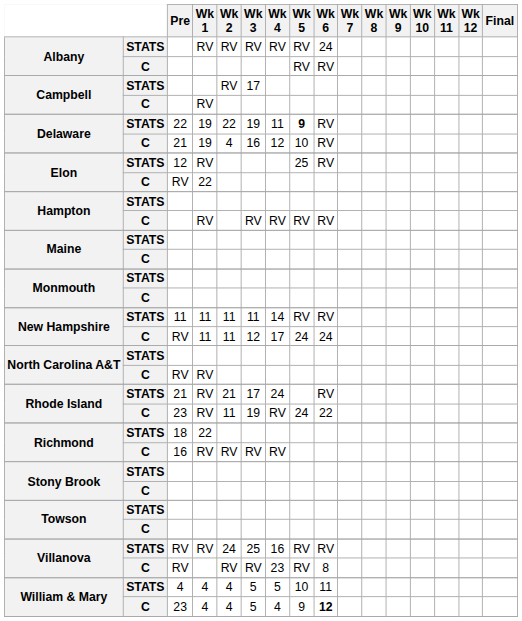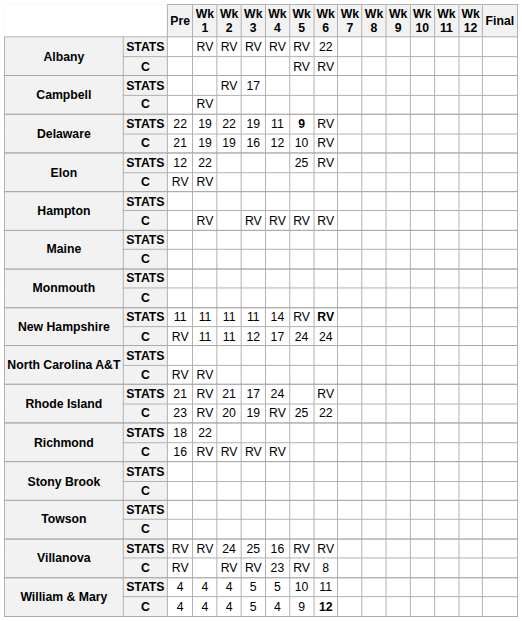 <table class="wikitable" style="white-space:nowrap;font-size:85%;">
 <tr>
 <th colspan=2 style="background:white; border-top-style:hidden; border-left-style:hidden;"> </th>
 <th>Pre</th>
 <th>Wk<br>1</th>
 <th>Wk<br>2</th>
 <th>Wk<br>3</th>
 <th>Wk<br>4</th>
 <th>Wk<br>5</th>
 <th>Wk<br>6</th>
 <th>Wk<br>7</th>
 <th>Wk<br>8</th>
 <th>Wk<br>9</th>
 <th>Wk<br>10</th>
 <th>Wk<br>11</th>
 <th>Wk<br>12</th>
 <th>Final</th>
 </tr>
 <tr style="text-align:center;">
 <th rowspan="2">Albany</th>
 <th>STATS</th>
 <td style="background:#FFF;"></td>
 <td style="background:#FFF;">RV</td>
 <td style="background:#FFF;">RV</td>
 <td style="background:#FFF;">RV</td>
 <td style="background:#FFF;">RV</td>
 <td style="background:#FFF;">RV</td>
-<td style="background:#FFF;">24</td>
+<td style="background:#FFF;">22</td>
 <td style="background:#FFF;"></td>
 <td style="background:#FFF;"></td>
 <td style="background:#FFF;"></td>
 <td style="background:#FFF;"></td>
 <td style="background:#FFF;"></td>
 <td style="background:#FFF;"></td>
 <td style="background:#FFF;"></td>
 </tr>
 <tr style="text-align:center;">
 <th>C</th>
 <td style="background:#FFF;"></td>
 <td style="background:#FFF;"></td>
 <td style="background:#FFF;"></td>
 <td style="background:#FFF;"></td>
 <td style="background:#FFF;"></td>
 <td style="background:#FFF;">RV</td>
 <td style="background:#FFF;">RV</td>
 <td style="background:#FFF;"></td>
 <td style="background:#FFF;"></td>
 <td style="background:#FFF;"></td>
 <td style="background:#FFF;"></td>
 <td style="background:#FFF;"></td>
 <td style="background:#FFF;"></td>
 <td style="background:#FFF;"></td>
 </tr>
 <tr style="text-align:center;">
 </tr>
 <tr style="text-align:center;">
 </tr>
 <tr style="text-align:center;">
 <th rowspan="2">Campbell</th>
 <th>STATS</th>
 <td style="background:#FFF;"></td>
 <td style="background:#FFF;"></td>
 <td style="background:#FFF;">RV</td>
 <td style="background:#FFF;">17</td>
 <td style="background:#FFF;"></td>
 <td style="background:#FFF;"></td>
 <td style="background:#FFF;"></td>
 <td style="background:#FFF;"></td>
 <td style="background:#FFF;"></td>
 <td style="background:#FFF;"></td>
 <td style="background:#FFF;"></td>
 <td style="background:#FFF;"></td>
 <td style="background:#FFF;"></td>
 <td style="background:#FFF;"></td>
 </tr>
 <tr style="text-align:center;">
 <th>C</th>
 <td style="background:#FFF;"></td>
 <td style="background:#FFF;">RV</td>
 <td style="background:#FFF;"></td>
 <td style="background:#FFF;"></td>
 <td style="background:#FFF;"></td>
 <td style="background:#FFF;"></td>
 <td style="background:#FFF;"></td>
 <td style="background:#FFF;"></td>
 <td style="background:#FFF;"></td>
 <td style="background:#FFF;"></td>
 <td style="background:#FFF;"></td>
 <td style="background:#FFF;"></td>
 <td style="background:#FFF;"></td>
 <td style="background:#FFF;"></td>
 </tr>
 <tr style="text-align:center;">
 </tr>
 <tr style="text-align:center;">
 <th rowspan="2">Delaware</th>
 <th>STATS</th>
 <td style="background:#FFF;">22</td>
 <td style="background:#FFF;">19</td>
 <td style="background:#FFF;">22</td>
 <td style="background:#FFF;">19</td>
 <td style="background:#FFF;">11</td>
 <td style="background:#FFF;"><strong>9</strong></td>
 <td style="background:#FFF;">RV</td>
 <td style="background:#FFF;"></td>
 <td style="background:#FFF;"></td>
 <td style="background:#FFF;"></td>
 <td style="background:#FFF;"></td>
 <td style="background:#FFF;"></td>
 <td style="background:#FFF;"></td>
 <td style="background:#FFF;"></td>
 </tr>
 <tr style="text-align:center;">
 <th>C</th>
 <td style="background:#FFF;">21</td>
 <td style="background:#FFF;">19</td>
-<td style="background:#FFF;">4</td>
+<td style="background:#FFF;">19</td>
 <td style="background:#FFF;">16</td>
 <td style="background:#FFF;">12</td>
 <td style="background:#FFF;">10</td>
 <td style="background:#FFF;">RV</td>
 <td style="background:#FFF;"></td>
 <td style="background:#FFF;"></td>
 <td style="background:#FFF;"></td>
 <td style="background:#FFF;"></td>
 <td style="background:#FFF;"></td>
 <td style="background:#FFF;"></td>
 <td style="background:#FFF;"></td>
 </tr>
 <tr style="text-align:center;">
 </tr>
 <tr style="text-align:center;">
 <th rowspan="2">Elon</th>
 <th>STATS</th>
 <td style="background:#FFF;">12</td>
-<td style="background:#FFF;">RV</td>
+<td style="background:#FFF;">22</td>
 <td style="background:#FFF;"></td>
 <td style="background:#FFF;"></td>
 <td style="background:#FFF;"></td>
 <td style="background:#FFF;">25</td>
 <td style="background:#FFF;">RV</td>
 <td style="background:#FFF;"></td>
 <td style="background:#FFF;"></td>
 <td style="background:#FFF;"></td>
 <td style="background:#FFF;"></td>
 <td style="background:#FFF;"></td>
 <td style="background:#FFF;"></td>
 <td style="background:#FFF;"></td>
 </tr>
 <tr style="text-align:center;">
 <th>C</th>
 <td style="background:#FFF;">RV</td>
-<td style="background:#FFF;">22</td>
+<td style="background:#FFF;">RV</td>
 <td style="background:#FFF;"></td>
 <td style="background:#FFF;"></td>
 <td style="background:#FFF;"></td>
 <td style="background:#FFF;"></td>
 <td style="background:#FFF;"></td>
 <td style="background:#FFF;"></td>
 <td style="background:#FFF;"></td>
 <td style="background:#FFF;"></td>
 <td style="background:#FFF;"></td>
 <td style="background:#FFF;"></td>
 <td style="background:#FFF;"></td>
 <td style="background:#FFF;"></td>
 </tr>
 <tr style="text-align:center;">
 </tr>
 <tr style="text-align:center;">
 <th rowspan="2">Hampton</th>
 <th>STATS</th>
 <td style="background:#FFF;"></td>
 <td style="background:#FFF;"></td>
 <td style="background:#FFF;"></td>
 <td style="background:#FFF;"></td>
 <td style="background:#FFF;"></td>
 <td style="background:#FFF;"></td>
 <td style="background:#FFF;"></td>
 <td style="background:#FFF;"></td>
 <td style="background:#FFF;"></td>
 <td style="background:#FFF;"></td>
 <td style="background:#FFF;"></td>
 <td style="background:#FFF;"></td>
 <td style="background:#FFF;"></td>
 <td style="background:#FFF;"></td>
 </tr>
 <tr style="text-align:center;">
 <th>C</th>
 <td style="background:#FFF;"></td>
 <td style="background:#FFF;">RV</td>
 <td style="background:#FFF;"></td>
 <td style="background:#FFF;">RV</td>
 <td style="background:#FFF;">RV</td>
 <td style="background:#FFF;">RV</td>
 <td style="background:#FFF;">RV</td>
 <td style="background:#FFF;"></td>
 <td style="background:#FFF;"></td>
 <td style="background:#FFF;"></td>
 <td style="background:#FFF;"></td>
 <td style="background:#FFF;"></td>
 <td style="background:#FFF;"></td>
 <td style="background:#FFF;"></td>
 </tr>
 <tr style="text-align:center;">
 </tr>
 <tr style="text-align:center;">
 <th rowspan="2">Maine</th>
 <th>STATS</th>
 <td style="background:#FFF;"></td>
 <td style="background:#FFF;"></td>
 <td style="background:#FFF;"></td>
 <td style="background:#FFF;"></td>
 <td style="background:#FFF;"></td>
 <td style="background:#FFF;"></td>
 <td style="background:#FFF;"></td>
 <td style="background:#FFF;"></td>
 <td style="background:#FFF;"></td>
 <td style="background:#FFF;"></td>
 <td style="background:#FFF;"></td>
 <td style="background:#FFF;"></td>
 <td style="background:#FFF;"></td>
 <td style="background:#FFF;"></td>
 </tr>
 <tr style="text-align:center;">
 <th>C</th>
 <td style="background:#FFF;"></td>
 <td style="background:#FFF;"></td>
 <td style="background:#FFF;"></td>
 <td style="background:#FFF;"></td>
 <td style="background:#FFF;"></td>
 <td style="background:#FFF;"></td>
 <td style="background:#FFF;"></td>
 <td style="background:#FFF;"></td>
 <td style="background:#FFF;"></td>
 <td style="background:#FFF;"></td>
 <td style="background:#FFF;"></td>
 <td style="background:#FFF;"></td>
 <td style="background:#FFF;"></td>
 <td style="background:#FFF;"></td>
 </tr>
 <tr style="text-align:center;">
 </tr>
 <tr style="text-align:center;">
 <th rowspan="2">Monmouth</th>
 <th>STATS</th>
 <td style="background:#FFF;"></td>
 <td style="background:#FFF;"></td>
 <td style="background:#FFF;"></td>
 <td style="background:#FFF;"></td>
 <td style="background:#FFF;"></td>
 <td style="background:#FFF;"></td>
 <td style="background:#FFF;"></td>
 <td style="background:#FFF;"></td>
 <td style="background:#FFF;"></td>
 <td style="background:#FFF;"></td>
 <td style="background:#FFF;"></td>
 <td style="background:#FFF;"></td>
 <td style="background:#FFF;"></td>
 <td style="background:#FFF;"></td>
 </tr>
 <tr style="text-align:center;">
 <th>C</th>
 <td style="background:#FFF;"></td>
 <td style="background:#FFF;"></td>
 <td style="background:#FFF;"></td>
 <td style="background:#FFF;"></td>
 <td style="background:#FFF;"></td>
 <td style="background:#FFF;"></td>
 <td style="background:#FFF;"></td>
 <td style="background:#FFF;"></td>
 <td style="background:#FFF;"></td>
 <td style="background:#FFF;"></td>
 <td style="background:#FFF;"></td>
 <td style="background:#FFF;"></td>
 <td style="background:#FFF;"></td>
 <td style="background:#FFF;"></td>
 </tr>
 <tr style="text-align:center;">
 </tr>
 <tr style="text-align:center;">
 <th rowspan="2">New Hampshire</th>
 <th>STATS</th>
 <td style="background:#FFF;">11</td>
 <td style="background:#FFF;">11</td>
 <td style="background:#FFF;">11</td>
 <td style="background:#FFF;">11</td>
 <td style="background:#FFF;">14</td>
 <td style="background:#FFF;">RV</td>
-<td style="background:#FFF;">RV</td>
+<td style="background:#FFF;"><strong>RV</strong></td>
 <td style="background:#FFF;"></td>
 <td style="background:#FFF;"></td>
 <td style="background:#FFF;"></td>
 <td style="background:#FFF;"></td>
 <td style="background:#FFF;"></td>
 <td style="background:#FFF;"></td>
 <td style="background:#FFF;"></td>
 </tr>
 <tr style="text-align:center;">
 <th>C</th>
 <td style="background:#FFF;">RV</td>
 <td style="background:#FFF;">11</td>
 <td style="background:#FFF;">11</td>
 <td style="background:#FFF;">12</td>
 <td style="background:#FFF;">17</td>
 <td style="background:#FFF;">24</td>
 <td style="background:#FFF;">24</td>
 <td style="background:#FFF;"></td>
 <td style="background:#FFF;"></td>
 <td style="background:#FFF;"></td>
 <td style="background:#FFF;"></td>
 <td style="background:#FFF;"></td>
 <td style="background:#FFF;"></td>
 <td style="background:#FFF;"></td>
 </tr>
 <tr style="text-align:center;">
 </tr>
 <tr style="text-align:center;">
 <th rowspan="2">North Carolina A&T</th>
 <th>STATS</th>
 <td style="background:#FFF;"></td>
 <td style="background:#FFF;"></td>
 <td style="background:#FFF;"></td>
 <td style="background:#FFF;"></td>
 <td style="background:#FFF;"></td>
 <td style="background:#FFF;"></td>
 <td style="background:#FFF;"></td>
 <td style="background:#FFF;"></td>
 <td style="background:#FFF;"></td>
 <td style="background:#FFF;"></td>
 <td style="background:#FFF;"></td>
 <td style="background:#FFF;"></td>
 <td style="background:#FFF;"></td>
 <td style="background:#FFF;"></td>
 </tr>
 <tr style="text-align:center;">
 <th>C</th>
 <td style="background:#FFF;">RV</td>
 <td style="background:#FFF;">RV</td>
 <td style="background:#FFF;"></td>
 <td style="background:#FFF;"></td>
 <td style="background:#FFF;"></td>
 <td style="background:#FFF;"></td>
 <td style="background:#FFF;"></td>
 <td style="background:#FFF;"></td>
 <td style="background:#FFF;"></td>
 <td style="background:#FFF;"></td>
 <td style="background:#FFF;"></td>
 <td style="background:#FFF;"></td>
 <td style="background:#FFF;"></td>
 <td style="background:#FFF;"></td>
 </tr>
 <tr style="text-align:center;">
 </tr>
 <tr style="text-align:center;">
 <th rowspan="2">Rhode Island</th>
 <th>STATS</th>
 <td style="background:#FFF;">21</td>
 <td style="background:#FFF;">RV</td>
 <td style="background:#FFF;">21</td>
 <td style="background:#FFF;">17</td>
 <td style="background:#FFF;">24</td>
 <td style="background:#FFF;"></td>
 <td style="background:#FFF;">RV</td>
 <td style="background:#FFF;"></td>
 <td style="background:#FFF;"></td>
 <td style="background:#FFF;"></td>
 <td style="background:#FFF;"></td>
 <td style="background:#FFF;"></td>
 <td style="background:#FFF;"></td>
 <td style="background:#FFF;"></td>
 </tr>
 <tr style="text-align:center;">
 <th>C</th>
 <td style="background:#FFF;">23</td>
 <td style="background:#FFF;">RV</td>
-<td style="background:#FFF;">11</td>
+<td style="background:#FFF;">20</td>
 <td style="background:#FFF;">19</td>
 <td style="background:#FFF;">RV</td>
-<td style="background:#FFF;">24</td>
+<td style="background:#FFF;">25</td>
 <td style="background:#FFF;">22</td>
 <td style="background:#FFF;"></td>
 <td style="background:#FFF;"></td>
 <td style="background:#FFF;"></td>
 <td style="background:#FFF;"></td>
 <td style="background:#FFF;"></td>
 <td style="background:#FFF;"></td>
 <td style="background:#FFF;"></td>
 </tr>
 <tr style="text-align:center;">
 </tr>
 <tr style="text-align:center;">
 <th rowspan="2">Richmond</th>
 <th>STATS</th>
 <td style="background:#FFF;">18</td>
 <td style="background:#FFF;">22</td>
 <td style="background:#FFF;"></td>
 <td style="background:#FFF;"></td>
 <td style="background:#FFF;"></td>
 <td style="background:#FFF;"></td>
 <td style="background:#FFF;"></td>
 <td style="background:#FFF;"></td>
 <td style="background:#FFF;"></td>
 <td style="background:#FFF;"></td>
 <td style="background:#FFF;"></td>
 <td style="background:#FFF;"></td>
 <td style="background:#FFF;"></td>
 <td style="background:#FFF;"></td>
 </tr>
 <tr style="text-align:center;">
 <th>C</th>
 <td style="background:#FFF;">16</td>
 <td style="background:#FFF;">RV</td>
 <td style="background:#FFF;">RV</td>
 <td style="background:#FFF;">RV</td>
 <td style="background:#FFF;">RV</td>
 <td style="background:#FFF;"></td>
 <td style="background:#FFF;"></td>
 <td style="background:#FFF;"></td>
 <td style="background:#FFF;"></td>
 <td style="background:#FFF;"></td>
 <td style="background:#FFF;"></td>
 <td style="background:#FFF;"></td>
 <td style="background:#FFF;"></td>
 <td style="background:#FFF;"></td>
 </tr>
 <tr style="text-align:center;">
 </tr>
 <tr style="text-align:center;">
 <th rowspan="2">Stony Brook</th>
 <th>STATS</th>
 <td style="background:#FFF;"></td>
 <td style="background:#FFF;"></td>
 <td style="background:#FFF;"></td>
 <td style="background:#FFF;"></td>
 <td style="background:#FFF;"></td>
 <td style="background:#FFF;"></td>
 <td style="background:#FFF;"></td>
 <td style="background:#FFF;"></td>
 <td style="background:#FFF;"></td>
 <td style="background:#FFF;"></td>
 <td style="background:#FFF;"></td>
 <td style="background:#FFF;"></td>
 <td style="background:#FFF;"></td>
 <td style="background:#FFF;"></td>
 </tr>
 <tr style="text-align:center;">
 <th>C</th>
 <td style="background:#FFF;"></td>
 <td style="background:#FFF;"></td>
 <td style="background:#FFF;"></td>
 <td style="background:#FFF;"></td>
 <td style="background:#FFF;"></td>
 <td style="background:#FFF;"></td>
 <td style="background:#FFF;"></td>
 <td style="background:#FFF;"></td>
 <td style="background:#FFF;"></td>
 <td style="background:#FFF;"></td>
 <td style="background:#FFF;"></td>
 <td style="background:#FFF;"></td>
 <td style="background:#FFF;"></td>
 <td style="background:#FFF;"></td>
 </tr>
 <tr style="text-align:center;">
 </tr>
 <tr style="text-align:center;">
 <th rowspan="2">Towson</th>
 <th>STATS</th>
 <td style="background:#FFF;"></td>
 <td style="background:#FFF;"></td>
 <td style="background:#FFF;"></td>
 <td style="background:#FFF;"></td>
 <td style="background:#FFF;"></td>
 <td style="background:#FFF;"></td>
 <td style="background:#FFF;"></td>
 <td style="background:#FFF;"></td>
 <td style="background:#FFF;"></td>
 <td style="background:#FFF;"></td>
 <td style="background:#FFF;"></td>
 <td style="background:#FFF;"></td>
 <td style="background:#FFF;"></td>
 <td style="background:#FFF;"></td>
 </tr>
 <tr style="text-align:center;">
 <th>C</th>
 <td style="background:#FFF;"></td>
 <td style="background:#FFF;"></td>
 <td style="background:#FFF;"></td>
 <td style="background:#FFF;"></td>
 <td style="background:#FFF;"></td>
 <td style="background:#FFF;"></td>
 <td style="background:#FFF;"></td>
 <td style="background:#FFF;"></td>
 <td style="background:#FFF;"></td>
 <td style="background:#FFF;"></td>
 <td style="background:#FFF;"></td>
 <td style="background:#FFF;"></td>
 <td style="background:#FFF;"></td>
 <td style="background:#FFF;"></td>
 </tr>
 <tr style="text-align:center;">
 </tr>
 <tr style="text-align:center;">
 <th rowspan="2">Villanova</th>
 <th>STATS</th>
 <td style="background:#FFF;">RV</td>
 <td style="background:#FFF;">RV</td>
 <td style="background:#FFF;">24</td>
 <td style="background:#FFF;">25</td>
 <td style="background:#FFF;">16</td>
 <td style="background:#FFF;">RV</td>
 <td style="background:#FFF;">RV</td>
 <td style="background:#FFF;"></td>
 <td style="background:#FFF;"></td>
 <td style="background:#FFF;"></td>
 <td style="background:#FFF;"></td>
 <td style="background:#FFF;"></td>
 <td style="background:#FFF;"></td>
 <td style="background:#FFF;"></td>
 </tr>
 <tr style="text-align:center;">
 <th>C</th>
 <td style="background:#FFF;">RV</td>
 <td style="background:#FFF;"></td>
 <td style="background:#FFF;">RV</td>
 <td style="background:#FFF;">RV</td>
 <td style="background:#FFF;">23</td>
 <td style="background:#FFF;">RV</td>
 <td style="background:#FFF;">8</td>
 <td style="background:#FFF;"></td>
 <td style="background:#FFF;"></td>
 <td style="background:#FFF;"></td>
 <td style="background:#FFF;"></td>
 <td style="background:#FFF;"></td>
 <td style="background:#FFF;"></td>
 <td style="background:#FFF;"></td>
 </tr>
 <tr style="text-align:center;">
 </tr>
 <tr style="text-align:center;">
 <th rowspan="2">William & Mary</th>
 <th>STATS</th>
 <td style="background:#FFF;">4</td>
 <td style="background:#FFF;">4</td>
 <td style="background:#FFF;">4</td>
 <td style="background:#FFF;">5</td>
 <td style="background:#FFF;">5</td>
 <td style="background:#FFF;">10</td>
 <td style="background:#FFF;">11</td>
 <td style="background:#FFF;"></td>
 <td style="background:#FFF;"></td>
 <td style="background:#FFF;"></td>
 <td style="background:#FFF;"></td>
 <td style="background:#FFF;"></td>
 <td style="background:#FFF;"></td>
 <td style="background:#FFF;"></td>
 </tr>
 <tr style="text-align:center;">
 <th>C</th>
-<td style="background:#FFF;">23</td>
+<td style="background:#FFF;">4</td>
 <td style="background:#FFF;">4</td>
 <td style="background:#FFF;">4</td>
 <td style="background:#FFF;">5</td>
 <td style="background:#FFF;">4</td>
 <td style="background:#FFF;">9</td>
 <td style="background:#FFF;"><strong>12</strong></td>
 <td style="background:#FFF;"></td>
 <td style="background:#FFF;"></td>
 <td style="background:#FFF;"></td>
 <td style="background:#FFF;"></td>
 <td style="background:#FFF;"></td>
 <td style="background:#FFF;"></td>
 <td style="background:#FFF;"></td>
 </tr>
 <tr style="text-align:center;">
 </tr>
 </table>
